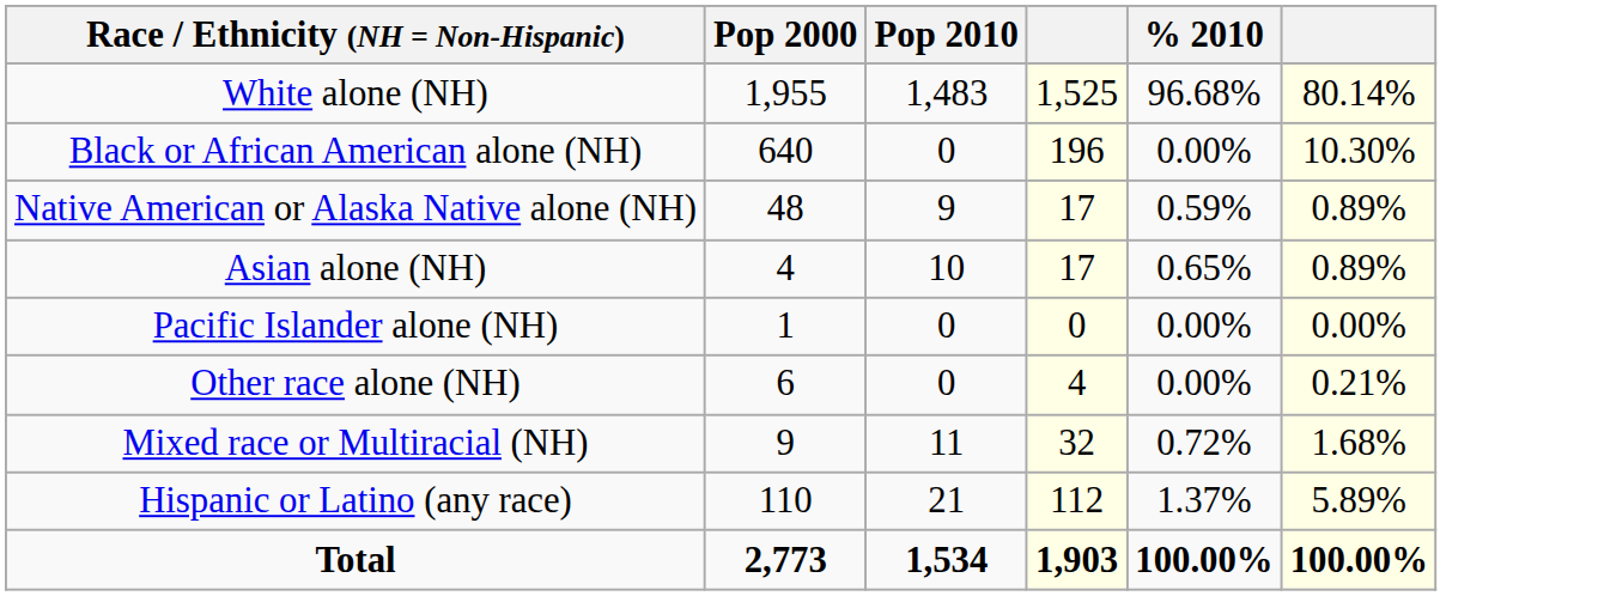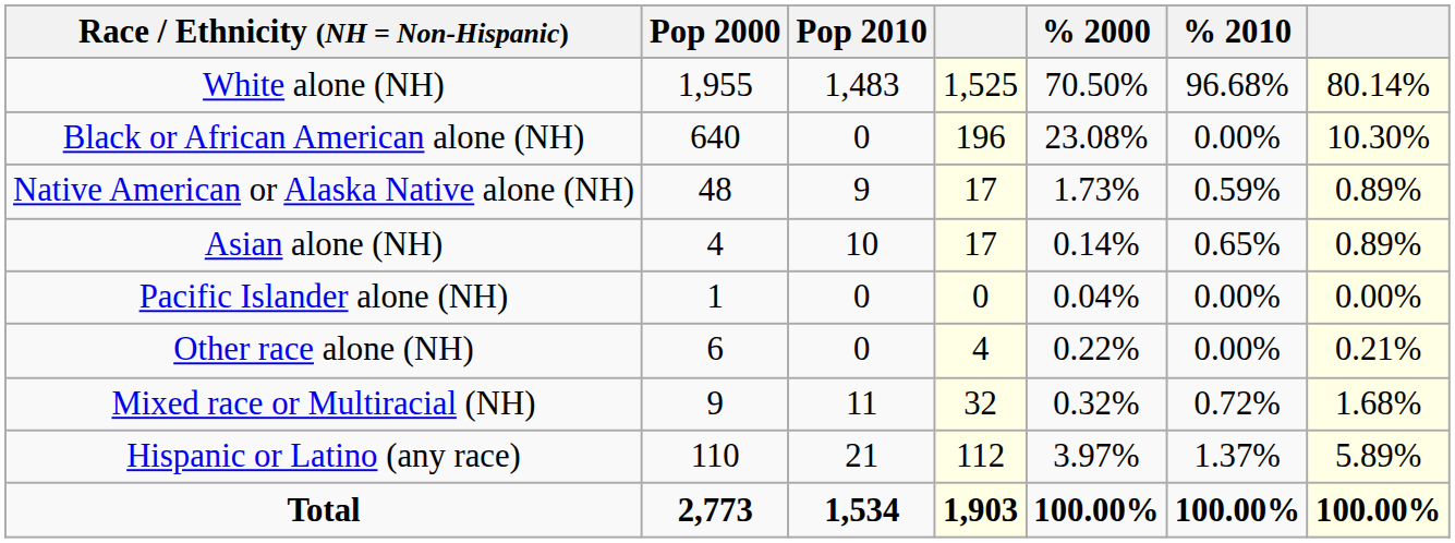 <table class="wikitable" style="text-align:center;">
 <tr>
 <th>Race / Ethnicity <small>(<em>NH = Non-Hispanic</em>)</small></th>
 <th>Pop 2000</th>
 <th>Pop 2010</th>
 <th></th>
+<th>% 2000</th>
 <th>% 2010</th>
 <th></th>
 </tr>
 <tr>
 <td><a href='#'>White</a> alone (NH)</td>
 <td>1,955</td>
 <td>1,483</td>
 <td style='background: #ffffe6;'>1,525</td>
+<td>70.50%</td>
 <td>96.68%</td>
 <td style='background: #ffffe6;'>80.14%</td>
 </tr>
 <tr>
 <td><a href='#'>Black or African American</a> alone (NH)</td>
 <td>640</td>
 <td>0</td>
 <td style='background: #ffffe6;'>196</td>
+<td>23.08%</td>
 <td>0.00%</td>
 <td style='background: #ffffe6;'>10.30%</td>
 </tr>
 <tr>
 <td><a href='#'>Native American</a> or <a href='#'>Alaska Native</a> alone (NH)</td>
 <td>48</td>
 <td>9</td>
 <td style='background: #ffffe6;'>17</td>
+<td>1.73%</td>
 <td>0.59%</td>
 <td style='background: #ffffe6;'>0.89%</td>
 </tr>
 <tr>
 <td><a href='#'>Asian</a> alone (NH)</td>
 <td>4</td>
 <td>10</td>
 <td style='background: #ffffe6;'>17</td>
+<td>0.14%</td>
 <td>0.65%</td>
 <td style='background: #ffffe6;'>0.89%</td>
 </tr>
 <tr>
 <td><a href='#'>Pacific Islander</a> alone (NH)</td>
 <td>1</td>
 <td>0</td>
 <td style='background: #ffffe6;'>0</td>
+<td>0.04%</td>
 <td>0.00%</td>
 <td style='background: #ffffe6;'>0.00%</td>
 </tr>
 <tr>
 <td><a href='#'>Other race</a> alone (NH)</td>
 <td>6</td>
 <td>0</td>
 <td style='background: #ffffe6;'>4</td>
+<td>0.22%</td>
 <td>0.00%</td>
 <td style='background: #ffffe6;'>0.21%</td>
 </tr>
 <tr>
 <td><a href='#'>Mixed race or Multiracial</a> (NH)</td>
 <td>9</td>
 <td>11</td>
 <td style='background: #ffffe6;'>32</td>
+<td>0.32%</td>
 <td>0.72%</td>
 <td style='background: #ffffe6;'>1.68%</td>
 </tr>
 <tr>
 <td><a href='#'>Hispanic or Latino</a> (any race)</td>
 <td>110</td>
 <td>21</td>
 <td style='background: #ffffe6;'>112</td>
+<td>3.97%</td>
 <td>1.37%</td>
 <td style='background: #ffffe6;'>5.89%</td>
 </tr>
 <tr>
 <td><strong>Total</strong></td>
 <td><strong>2,773</strong></td>
 <td><strong>1,534</strong></td>
 <td style='background: #ffffe6;'><strong>1,903</strong></td>
 <td><strong>100.00%</strong></td>
+<td><strong>100.00%</strong></td>
 <td style='background: #ffffe6;'><strong>100.00%</strong></td>
 </tr>
 </table>
